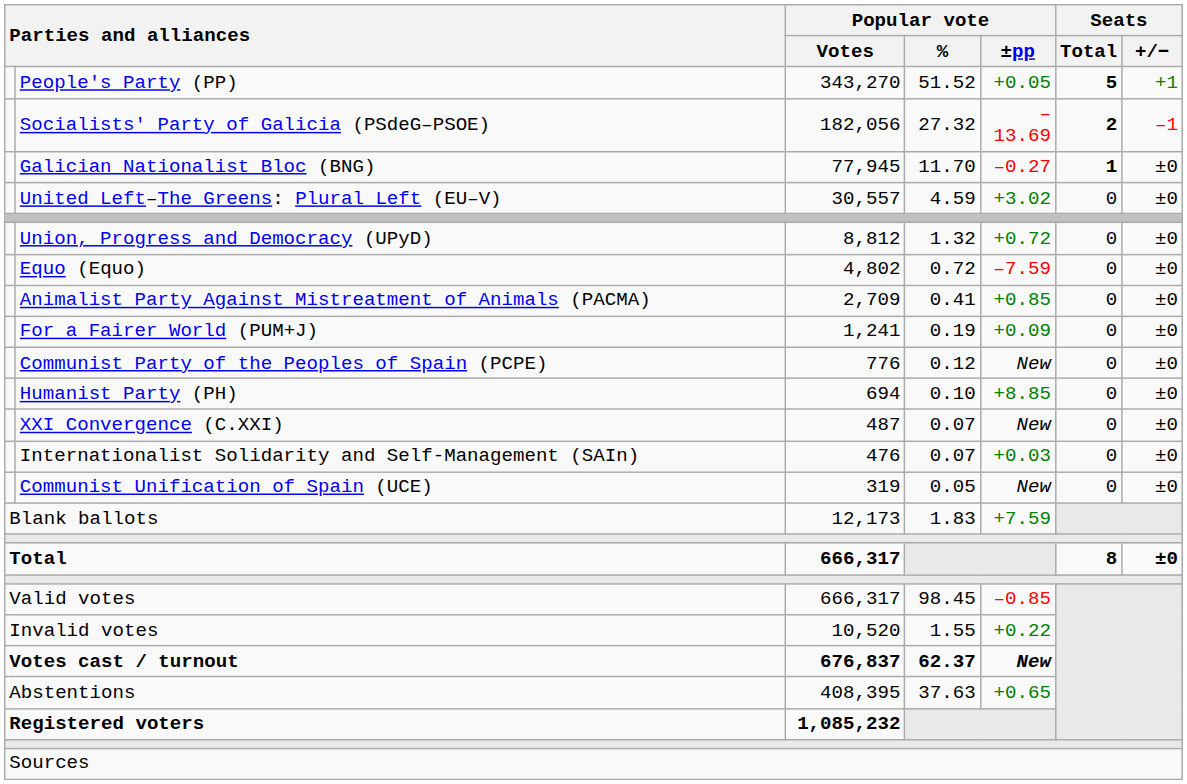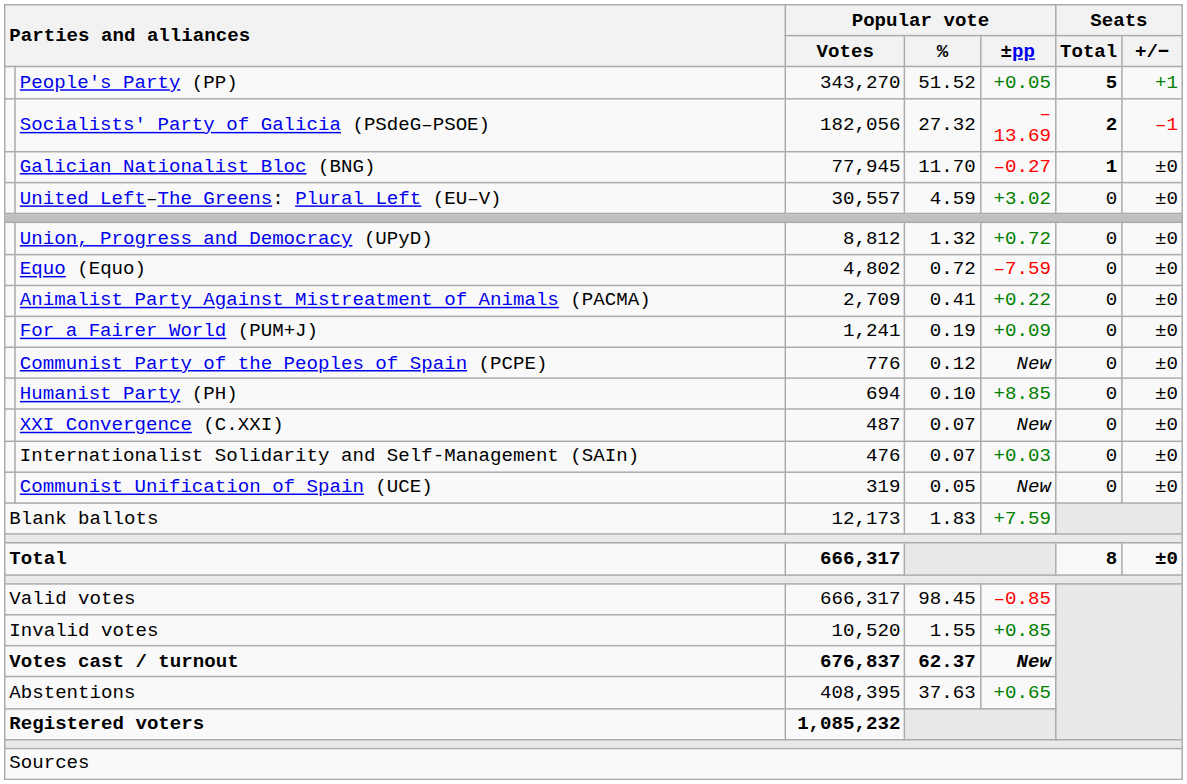 <table class="wikitable" style="text-align:right;">
 <tr>
 <th style="text-align:left;" rowspan="2" colspan="2" width="525">Parties and alliances</th>
 <th colspan="3">Popular vote</th>
 <th colspan="2">Seats</th>
 </tr>
 <tr>
 <th width="75">Votes</th>
 <th width="45">%</th>
 <th width="45">±<a href='#'>pp</a></th>
 <th width="35">Total</th>
 <th width="35">+/−</th>
 </tr>
 <tr>
 <td width="1" style="color:inherit;background:"></td>
 <td align="left"><a href='#'>People's Party</a> (PP)</td>
 <td>343,270</td>
 <td>51.52</td>
 <td style="color:green;">+0.05</td>
 <td><strong>5</strong></td>
 <td style="color:green;">+1</td>
 </tr>
 <tr>
 <td style="color:inherit;background:"></td>
 <td align="left"><a href='#'>Socialists' Party of Galicia</a> (PSdeG–PSOE)</td>
 <td>182,056</td>
 <td>27.32</td>
 <td style="color:red;">–13.69</td>
 <td><strong>2</strong></td>
 <td style="color:red;">–1</td>
 </tr>
 <tr>
 <td style="color:inherit;background:"></td>
 <td align="left"><a href='#'>Galician Nationalist Bloc</a> (BNG)</td>
 <td>77,945</td>
 <td>11.70</td>
 <td style="color:red;">–0.27</td>
 <td><strong>1</strong></td>
 <td>±0</td>
 </tr>
 <tr>
 <td style="color:inherit;background:"></td>
 <td align="left"><a href='#'>United Left</a>–<a href='#'>The Greens</a>: <a href='#'>Plural Left</a> (EU–V)</td>
 <td>30,557</td>
 <td>4.59</td>
 <td style="color:green;">+3.02</td>
 <td>0</td>
 <td>±0</td>
 </tr>
 <tr>
 <td colspan="7" bgcolor="#C0C0C0"></td>
 </tr>
 <tr>
 <td style="color:inherit;background:"></td>
 <td align="left"><a href='#'>Union, Progress and Democracy</a> (UPyD)</td>
 <td>8,812</td>
 <td>1.32</td>
 <td style="color:green;">+0.72</td>
 <td>0</td>
 <td>±0</td>
 </tr>
 <tr>
 <td style="color:inherit;background:"></td>
 <td align="left"><a href='#'>Equo</a> (Equo)</td>
 <td>4,802</td>
 <td>0.72</td>
 <td style="color:red;">–7.59</td>
 <td>0</td>
 <td>±0</td>
 </tr>
 <tr>
 <td style="color:inherit;background:"></td>
 <td align="left"><a href='#'>Animalist Party Against Mistreatment of Animals</a> (PACMA)</td>
 <td>2,709</td>
 <td>0.41</td>
-<td style="color:green;">+0.85</td>
+<td style="color:green;">+0.22</td>
 <td>0</td>
 <td>±0</td>
 </tr>
 <tr>
 <td style="color:inherit;background:"></td>
 <td align="left"><a href='#'>For a Fairer World</a> (PUM+J)</td>
 <td>1,241</td>
 <td>0.19</td>
 <td style="color:green;">+0.09</td>
 <td>0</td>
 <td>±0</td>
 </tr>
 <tr>
 <td style="color:inherit;background:"></td>
 <td align="left"><a href='#'>Communist Party of the Peoples of Spain</a> (PCPE)</td>
 <td>776</td>
 <td>0.12</td>
 <td><em>New</em></td>
 <td>0</td>
 <td>±0</td>
 </tr>
 <tr>
 <td style="color:inherit;background:"></td>
 <td align="left"><a href='#'>Humanist Party</a> (PH)</td>
 <td>694</td>
 <td>0.10</td>
 <td style="color:green;">+8.85</td>
 <td>0</td>
 <td>±0</td>
 </tr>
 <tr>
 <td style="color:inherit;background:"></td>
 <td align="left"><a href='#'>XXI Convergence</a> (C.XXI)</td>
 <td>487</td>
 <td>0.07</td>
 <td><em>New</em></td>
 <td>0</td>
 <td>±0</td>
 </tr>
 <tr>
 <td style="color:inherit;background:"></td>
 <td align="left">Internationalist Solidarity and Self-Management (SAIn)</td>
 <td>476</td>
 <td>0.07</td>
 <td style="color:green;">+0.03</td>
 <td>0</td>
 <td>±0</td>
 </tr>
 <tr>
 <td style="color:inherit;background:"></td>
 <td align="left"><a href='#'>Communist Unification of Spain</a> (UCE)</td>
 <td>319</td>
 <td>0.05</td>
 <td><em>New</em></td>
 <td>0</td>
 <td>±0</td>
 </tr>
 <tr>
 <td align="left" colspan="2">Blank ballots</td>
 <td>12,173</td>
 <td>1.83</td>
 <td style="color:green;">+7.59</td>
 <td bgcolor="#E9E9E9" colspan="2"></td>
 </tr>
 <tr>
 <td colspan="7" bgcolor="#E9E9E9"></td>
 </tr>
 <tr style="font-weight:bold;">
 <td align="left" colspan="2">Total</td>
 <td>666,317</td>
 <td bgcolor="#E9E9E9" colspan="2"></td>
 <td>8</td>
 <td>±0</td>
 </tr>
 <tr>
 <td colspan="7" bgcolor="#E9E9E9"></td>
 </tr>
 <tr>
 <td align="left" colspan="2">Valid votes</td>
 <td>666,317</td>
 <td>98.45</td>
 <td style="color:red;">–0.85</td>
 <td bgcolor="#E9E9E9" colspan="2" rowspan="5"></td>
 </tr>
 <tr>
 <td align="left" colspan="2">Invalid votes</td>
 <td>10,520</td>
 <td>1.55</td>
-<td style="color:green;">+0.22</td>
+<td style="color:green;">+0.85</td>
 </tr>
 <tr style="font-weight:bold;">
 <td align="left" colspan="2">Votes cast / turnout</td>
 <td>676,837</td>
 <td>62.37</td>
 <td><em>New</em></td>
 </tr>
 <tr>
 <td align="left" colspan="2">Abstentions</td>
 <td>408,395</td>
 <td>37.63</td>
 <td style="color:green;">+0.65</td>
 </tr>
 <tr style="font-weight:bold;">
 <td align="left" colspan="2">Registered voters</td>
 <td>1,085,232</td>
 <td bgcolor="#E9E9E9" colspan="2"></td>
 </tr>
 <tr>
 <td colspan="7" bgcolor="#E9E9E9"></td>
 </tr>
 <tr>
 <td align="left" colspan="7">Sources</td>
 </tr>
 </table>
